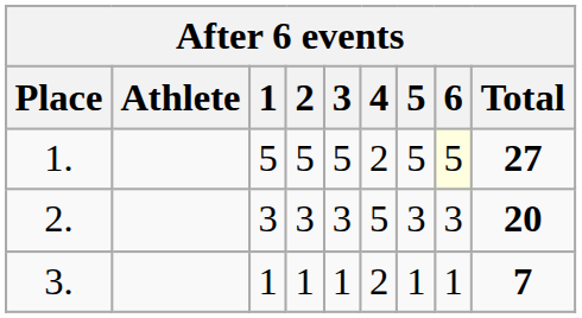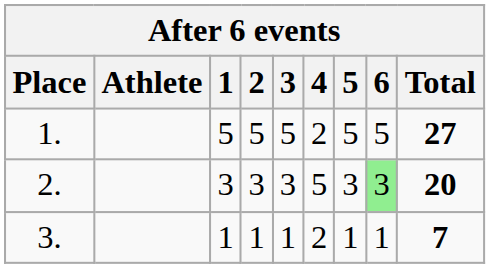 <table class=wikitable style="text-align:center">
 <tr>
 <th colspan=9><strong>After 6 events</strong></th>
 </tr>
 <tr>
 <th>Place</th>
 <th>Athlete</th>
 <th>1</th>
 <th>2</th>
 <th>3</th>
 <th>4</th>
 <th>5</th>
 <th>6</th>
 <th>Total</th>
 </tr>
 <tr>
 <td width=30>1.</td>
 <td align=left></td>
 <td>5</td>
 <td>5</td>
 <td>5</td>
 <td>2</td>
 <td>5</td>
-<td style="background: lightyellow;">5</td>
+<td>5</td>
 <td><strong>27</strong></td>
 </tr>
 <tr>
 <td>2.</td>
 <td align=left></td>
 <td>3</td>
 <td>3</td>
 <td>3</td>
 <td>5</td>
 <td>3</td>
-<td>3</td>
+<td style="background: lightgreen;">3</td>
 <td><strong>20</strong></td>
 </tr>
 <tr>
 <td>3.</td>
 <td align=left></td>
 <td>1</td>
 <td>1</td>
 <td>1</td>
 <td>2</td>
 <td>1</td>
 <td>1</td>
 <td><strong>7</strong></td>
 </tr>
 </table>
